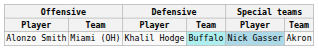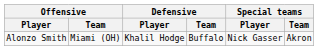 <table class="wikitable" style="display: inline-table;">
 <tr>
 <th colspan="2">Offensive</th>
 <th colspan="2">Defensive</th>
 <th colspan="2">Special teams</th>
 </tr>
 <tr>
 <th>Player</th>
 <th>Team</th>
 <th>Player</th>
 <th>Team</th>
 <th>Player</th>
 <th>Team</th>
 </tr>
 <tr>
 <td>Alonzo Smith</td>
 <td>Miami (OH)</td>
 <td>Khalil Hodge</td>
-<td style="background: paleturquoise;">Buffalo</td>
-<td style="background: lightblue;">Nick Gasser</td>
+<td>Buffalo</td>
+<td>Nick Gasser</td>
 <td>Akron</td>
 </tr>
 </table>
